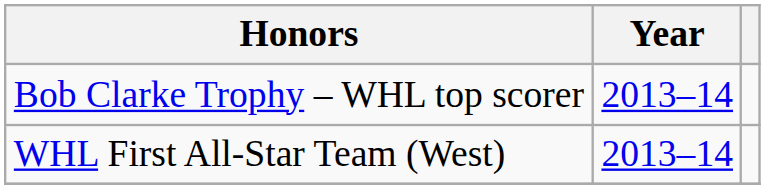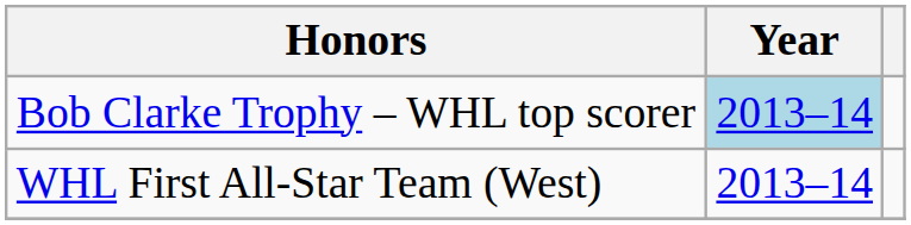 <table class="wikitable">
 <tr>
 <th>Honors</th>
 <th>Year</th>
 <th></th>
 </tr>
 <tr>
 <td><a href='#'>Bob Clarke Trophy</a> – WHL top scorer</td>
-<td><a href='#'>2013–14</a></td>
+<td style="background: lightblue;"><a href='#'>2013–14</a></td>
 <td></td>
 </tr>
 <tr>
 <td><a href='#'>WHL</a> First All-Star Team (West)</td>
 <td><a href='#'>2013–14</a></td>
 <td></td>
 </tr>
 <tr>
 </tr>
 </table>
